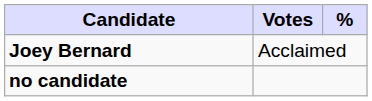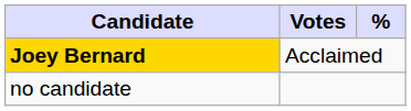 <table class="wikitable">
 <tr>
 <th style="background:#ddf; width:200px;">Candidate</th>
 <th style="background:#ddf; width:50px;">Votes</th>
 <th style="background:#ddf; width:30px;">%</th>
 </tr>
 <tr>
-<td><strong>Joey Bernard</strong></td>
+<td style="background: gold;"><strong>Joey Bernard</strong></td>
 <td colspan="2">Acclaimed</td>
 </tr>
 <tr>
-<td><strong>no candidate</strong></td>
+<td>no candidate</td>
 <td colspan="2"></td>
 </tr>
 </table>
